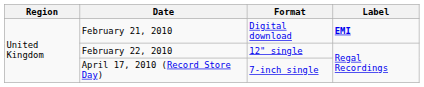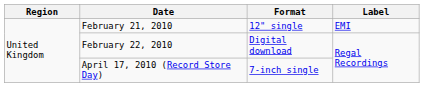 <table class="wikitable" border="1">
 <tr>
 <th>Region</th>
 <th>Date</th>
 <th>Format</th>
 <th>Label</th>
 </tr>
 <tr>
 <td rowspan="3">United Kingdom</td>
 <td>February 21, 2010</td>
-<td><a href='#'>Digital download</a></td>
-<td><strong><a href='#'>EMI</a></strong></td>
+<td><a href='#'>12" single</a></td>
+<td><a href='#'>EMI</a></td>
 </tr>
 <tr>
 <td>February 22, 2010</td>
-<td><a href='#'>12" single</a></td>
+<td><a href='#'>Digital download</a></td>
 <td rowspan="2"><a href='#'>Regal Recordings</a></td>
 </tr>
 <tr>
 <td>April 17, 2010 (<a href='#'>Record Store Day</a>)</td>
 <td><a href='#'>7-inch single</a></td>
 </tr>
 </table>
